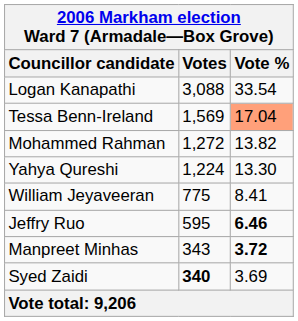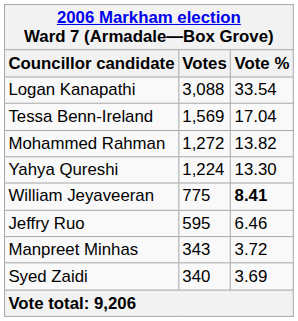 <table class="wikitable">
 <tr>
 <th colspan="3" style="text-align:center;"><strong><a href='#'>2006 Markham election</a><br>Ward 7 (Armadale—Box Grove)</strong></th>
 </tr>
 <tr>
 <th>Councillor candidate</th>
 <th>Votes</th>
 <th>Vote %</th>
 </tr>
 <tr>
 <td>Logan Kanapathi</td>
 <td>3,088</td>
 <td>33.54</td>
 </tr>
 <tr>
 <td>Tessa Benn-Ireland</td>
 <td>1,569</td>
-<td style="background: lightsalmon;">17.04</td>
+<td>17.04</td>
 </tr>
 <tr>
 <td>Mohammed Rahman</td>
 <td>1,272</td>
 <td>13.82</td>
 </tr>
 <tr>
 <td>Yahya Qureshi</td>
 <td>1,224</td>
 <td>13.30</td>
 </tr>
 <tr>
 <td>William Jeyaveeran</td>
 <td>775</td>
-<td>8.41</td>
+<td><strong>8.41</strong></td>
 </tr>
 <tr>
 <td>Jeffry Ruo</td>
 <td>595</td>
-<td><strong>6.46</strong></td>
+<td>6.46</td>
 </tr>
 <tr>
 <td>Manpreet Minhas</td>
 <td>343</td>
-<td><strong>3.72</strong></td>
+<td>3.72</td>
 </tr>
 <tr>
 <td>Syed Zaidi</td>
-<td><strong>340</strong></td>
+<td>340</td>
 <td>3.69</td>
 </tr>
 <tr>
 <th colspan="3" style="text-align:left;"><strong>Vote total:</strong> 9,206</th>
 </tr>
 </table>
